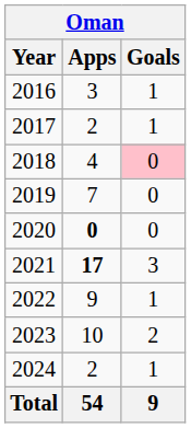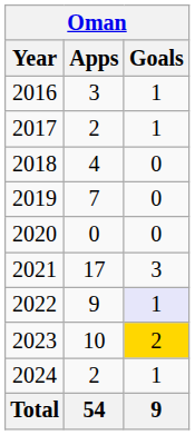 <table class="wikitable" style="text-align:center">
 <tr>
 <th colspan=3><a href='#'>Oman</a></th>
 </tr>
 <tr>
 <th>Year</th>
 <th>Apps</th>
 <th>Goals</th>
 </tr>
 <tr>
 <td>2016</td>
 <td>3</td>
 <td>1</td>
 </tr>
 <tr>
 <td>2017</td>
 <td>2</td>
 <td>1</td>
 </tr>
 <tr>
 <td>2018</td>
 <td>4</td>
-<td style="background: pink;">0</td>
+<td>0</td>
 </tr>
 <tr>
 <td>2019</td>
 <td>7</td>
 <td>0</td>
 </tr>
 <tr>
 <td>2020</td>
-<td><strong>0</strong></td>
+<td>0</td>
 <td>0</td>
 </tr>
 <tr>
 <td>2021</td>
-<td><strong>17</strong></td>
+<td>17</td>
 <td>3</td>
 </tr>
 <tr>
 <td>2022</td>
 <td>9</td>
-<td>1</td>
+<td style="background: lavender;">1</td>
 </tr>
 <tr>
 <td>2023</td>
 <td>10</td>
-<td>2</td>
+<td style="background: gold;">2</td>
 </tr>
 <tr>
 <td>2024</td>
 <td>2</td>
 <td>1</td>
 </tr>
 <tr>
 <th>Total</th>
 <th>54</th>
 <th>9</th>
 </tr>
 </table>
